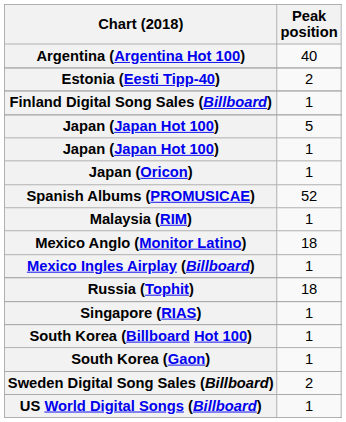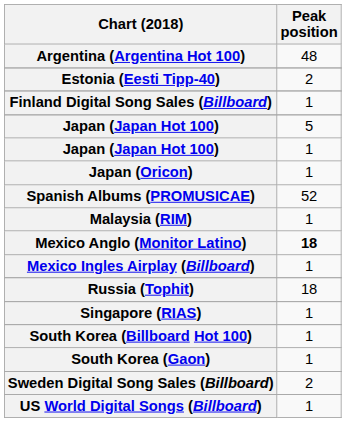 <table class="wikitable sortable plainrowheaders" style="text-align:center">
 <tr>
 <th scope="col">Chart (2018)</th>
 <th scope="col">Peak<br> position</th>
 </tr>
 <tr>
 <th scope="row">Argentina (<a href='#'>Argentina Hot 100</a>)</th>
-<td>40</td>
+<td>48</td>
 </tr>
 <tr>
 </tr>
 <tr>
 </tr>
 <tr>
 </tr>
 <tr>
 </tr>
 <tr>
 </tr>
 <tr>
 <th scope="row">Estonia (<a href='#'>Eesti Tipp-40</a>)</th>
 <td>2</td>
 </tr>
 <tr>
 </tr>
 <tr>
 <th scope="row">Finland Digital Song Sales (<em><a href='#'>Billboard</a></em>)</th>
 <td>1</td>
 </tr>
 <tr>
 </tr>
 <tr>
 </tr>
 <tr>
 </tr>
 <tr>
 </tr>
 <tr>
 <th scope="row">Japan (<a href='#'>Japan Hot 100</a>)</th>
 <td>5</td>
 </tr>
 <tr>
 <th scope="row">Japan (<a href='#'>Japan Hot 100</a>)<br></th>
 <td>1</td>
 </tr>
 <tr>
 <th scope="row">Japan (<a href='#'>Oricon</a>)<br></th>
 <td>1</td>
 </tr>
 <tr>
 <th scope="row">Spanish Albums (<a href='#'>PROMUSICAE</a>)<br></th>
 <td>52</td>
 </tr>
 <tr>
 <th scope="row">Malaysia (<a href='#'>RIM</a>)</th>
 <td>1</td>
 </tr>
 <tr>
 <th scope="row">Mexico Anglo (<a href='#'>Monitor Latino</a>)</th>
-<td>18</td>
+<td><strong>18</strong></td>
 </tr>
 <tr>
 <th scope="row"><a href='#'>Mexico Ingles Airplay</a> (<em><a href='#'>Billboard</a></em>)</th>
 <td>1</td>
 </tr>
 <tr>
 </tr>
 <tr>
 <th scope="row">Russia (<a href='#'>Tophit</a>)</th>
 <td>18</td>
 </tr>
 <tr>
 </tr>
 <tr>
 <th scope="row">Singapore (<a href='#'>RIAS</a>)</th>
 <td>1</td>
 </tr>
 <tr>
 </tr>
 <tr>
 </tr>
 <tr>
 <th scope="row">South Korea (<a href='#'>Billboard</a> <a href='#'>Hot 100</a>)</th>
 <td>1</td>
 </tr>
 <tr>
 <th scope="row">South Korea (<a href='#'>Gaon</a>)</th>
 <td>1</td>
 </tr>
 <tr>
 </tr>
 <tr>
 <th scope="row">Sweden Digital Song Sales (<em>Billboard</em>)</th>
 <td>2</td>
 </tr>
 <tr>
 </tr>
 <tr>
 </tr>
 <tr>
 </tr>
 <tr>
 </tr>
 <tr>
 </tr>
 <tr>
 </tr>
 <tr>
 </tr>
 <tr>
 <th scope="row">US <a href='#'>World Digital Songs</a> (<em><a href='#'>Billboard</a></em>)</th>
 <td>1</td>
 </tr>
 </table>
